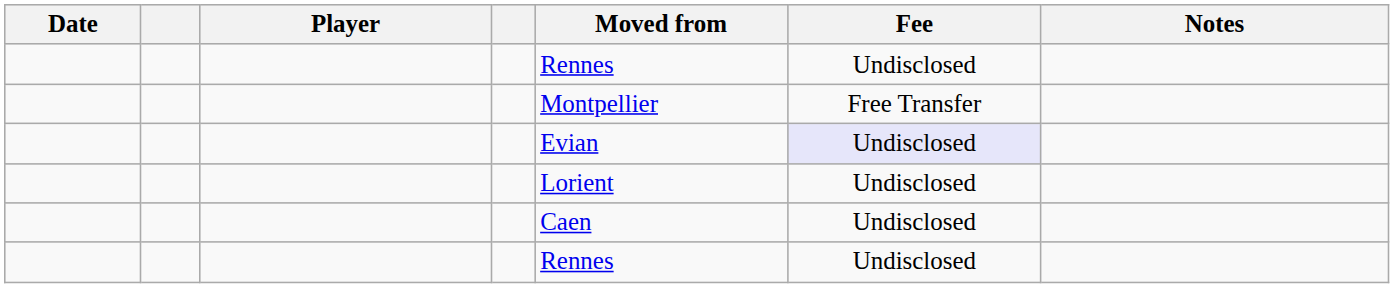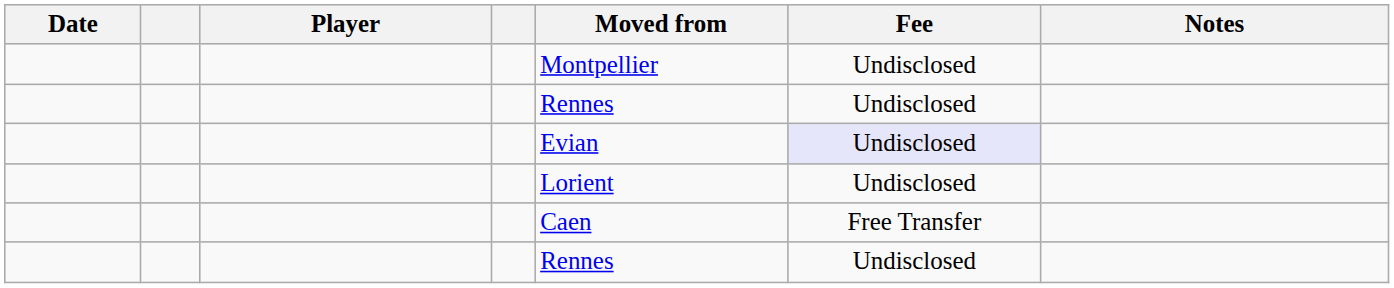 <table class="wikitable sortable">
 <tr>
 <th style="width:80px;">Date</th>
 <th style="width:30px;"></th>
 <th style="width:180px;">Player</th>
 <th style="width:20px;"></th>
 <th style="width:155px;">Moved from</th>
 <th style="width:155px;" class="unsortable">Fee</th>
 <th style="width:215px;" class="unsortable">Notes</th>
 </tr>
 <tr>
 <td></td>
 <td align=center></td>
 <td> </td>
 <td></td>
-<td> <a href='#'>Rennes</a></td>
+<td> <a href='#'>Montpellier</a></td>
 <td align=center>Undisclosed</td>
 <td align=center></td>
 </tr>
 <tr>
 <td></td>
 <td align=center></td>
 <td> </td>
 <td></td>
-<td> <a href='#'>Montpellier</a></td>
-<td align=center>Free Transfer</td>
+<td> <a href='#'>Rennes</a></td>
+<td align=center>Undisclosed</td>
 <td align=center></td>
 </tr>
 <tr>
 <td></td>
 <td align=center></td>
 <td> </td>
 <td></td>
 <td> <a href='#'>Evian</a></td>
 <td align=center style="background: lavender;">Undisclosed</td>
 <td align=center></td>
 </tr>
 <tr>
 <td></td>
 <td align=center></td>
 <td> </td>
 <td></td>
 <td> <a href='#'>Lorient</a></td>
 <td align=center>Undisclosed</td>
 <td align=center></td>
 </tr>
 <tr>
 <td></td>
 <td align=center></td>
 <td> </td>
 <td></td>
 <td> <a href='#'>Caen</a></td>
-<td align=center>Undisclosed</td>
+<td align=center>Free Transfer</td>
 <td align=center></td>
 </tr>
 <tr>
 <td></td>
 <td align=center></td>
 <td> </td>
 <td></td>
 <td> <a href='#'>Rennes</a></td>
 <td align=center>Undisclosed</td>
 <td align=center></td>
 </tr>
 </table>
